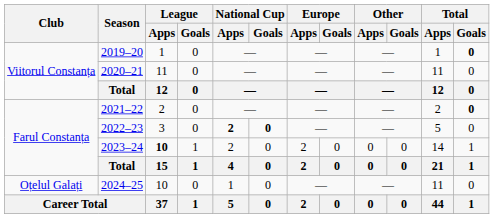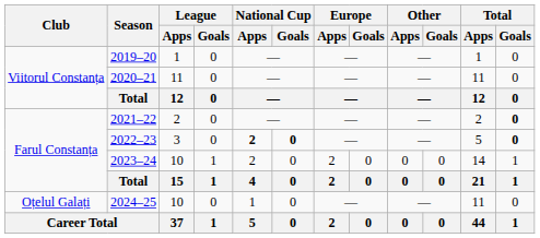 <table class=wikitable style=text-align:center>
 <tr>
 <th rowspan=2>Club</th>
 <th rowspan=2>Season</th>
 <th colspan=2>League</th>
 <th colspan=2>National Cup</th>
 <th colspan=2>Europe</th>
 <th colspan=2>Other</th>
 <th colspan=3>Total</th>
 </tr>
 <tr>
 <th>Apps</th>
 <th>Goals</th>
 <th>Apps</th>
 <th>Goals</th>
 <th>Apps</th>
 <th>Goals</th>
 <th>Apps</th>
 <th>Goals</th>
 <th>Apps</th>
 <th>Goals</th>
 </tr>
 <tr>
 <td rowspan="3"><a href='#'>Viitorul Constanța</a></td>
 <td><a href='#'>2019–20</a></td>
 <td>1</td>
 <td>0</td>
 <td colspan="2">—</td>
 <td colspan="2">—</td>
 <td colspan="2">—</td>
 <td>1</td>
-<td><strong>0</strong></td>
+<td>0</td>
 </tr>
 <tr>
 <td><a href='#'>2020–21</a></td>
 <td>11</td>
 <td>0</td>
 <td colspan="2">—</td>
 <td colspan="2">—</td>
 <td colspan="2">—</td>
 <td>11</td>
 <td>0</td>
 </tr>
 <tr>
 <th>Total</th>
 <th>12</th>
 <th>0</th>
 <th colspan="2">—</th>
 <th colspan="2">—</th>
 <th colspan="2">—</th>
 <th>12</th>
 <th>0</th>
 </tr>
 <tr>
 <td rowspan="4"><a href='#'>Farul Constanța</a></td>
 <td><a href='#'>2021–22</a></td>
 <td>2</td>
 <td>0</td>
 <td colspan="2">—</td>
 <td colspan="2">—</td>
 <td colspan="2">—</td>
 <td>2</td>
 <td><strong>0</strong></td>
 </tr>
 <tr>
 <td><a href='#'>2022–23</a></td>
 <td>3</td>
 <td>0</td>
 <td><strong>2</strong></td>
 <td><strong>0</strong></td>
 <td colspan="2">—</td>
 <td colspan="2">—</td>
 <td>5</td>
-<td>0</td>
+<td><strong>0</strong></td>
 </tr>
 <tr>
 <td><a href='#'>2023–24</a></td>
-<td><strong>10</strong></td>
+<td>10</td>
 <td>1</td>
 <td>2</td>
 <td>0</td>
 <td>2</td>
 <td>0</td>
 <td>0</td>
 <td>0</td>
 <td>14</td>
 <td>1</td>
 </tr>
 <tr>
 <th>Total</th>
 <th>15</th>
 <th>1</th>
 <th>4</th>
 <th>0</th>
 <th>2</th>
 <th>0</th>
 <th>0</th>
 <th>0</th>
 <th>21</th>
 <th>1</th>
 </tr>
 <tr>
 <td rowspan="1"><a href='#'>Oțelul Galați</a></td>
 <td><a href='#'>2024–25</a></td>
 <td>10</td>
 <td>0</td>
 <td>1</td>
 <td>0</td>
 <td colspan="2">—</td>
 <td colspan="2">—</td>
 <td>11</td>
 <td>0</td>
 </tr>
 <tr>
 <th colspan="2">Career Total</th>
 <th>37</th>
 <th>1</th>
 <th>5</th>
 <th>0</th>
 <th>2</th>
 <th>0</th>
 <th>0</th>
 <th>0</th>
 <th>44</th>
 <th>1</th>
 </tr>
 </table>
